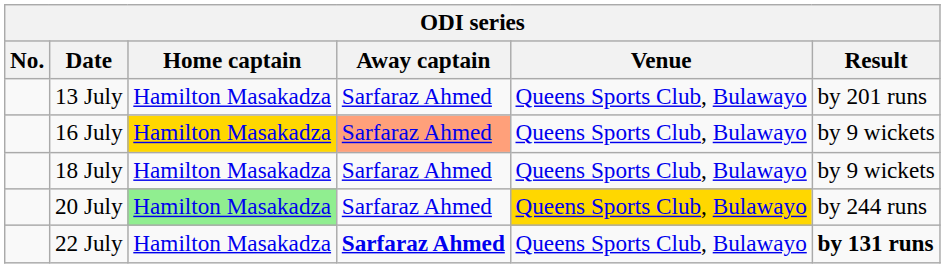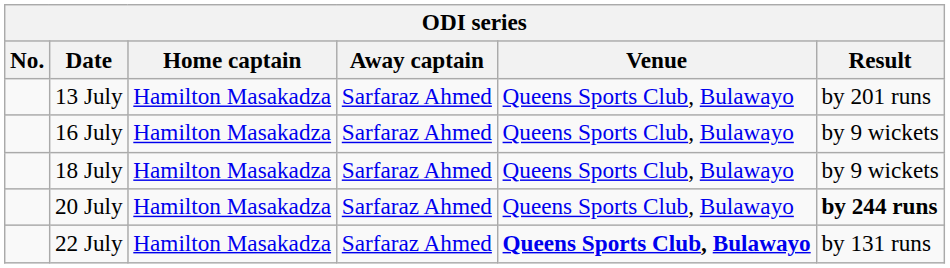 <table class="wikitable">
 <tr>
 <th colspan="9">ODI series</th>
 </tr>
 <tr>
 <th>No.</th>
 <th>Date</th>
 <th>Home captain</th>
 <th>Away captain</th>
 <th>Venue</th>
 <th>Result</th>
 </tr>
 <tr>
 <td></td>
 <td>13 July</td>
 <td><a href='#'>Hamilton Masakadza</a></td>
 <td><a href='#'>Sarfaraz Ahmed</a></td>
 <td><a href='#'>Queens Sports Club</a>, <a href='#'>Bulawayo</a></td>
 <td> by 201 runs</td>
 </tr>
 <tr>
 <td></td>
 <td>16 July</td>
-<td style="background: gold;"><a href='#'>Hamilton Masakadza</a></td>
-<td style="background: lightsalmon;"><a href='#'>Sarfaraz Ahmed</a></td>
+<td><a href='#'>Hamilton Masakadza</a></td>
+<td><a href='#'>Sarfaraz Ahmed</a></td>
 <td><a href='#'>Queens Sports Club</a>, <a href='#'>Bulawayo</a></td>
 <td> by 9 wickets</td>
 </tr>
 <tr>
 <td></td>
 <td>18 July</td>
 <td><a href='#'>Hamilton Masakadza</a></td>
 <td><a href='#'>Sarfaraz Ahmed</a></td>
 <td><a href='#'>Queens Sports Club</a>, <a href='#'>Bulawayo</a></td>
 <td> by 9 wickets</td>
 </tr>
 <tr>
 <td></td>
 <td>20 July</td>
-<td style="background: lightgreen;"><a href='#'>Hamilton Masakadza</a></td>
+<td><a href='#'>Hamilton Masakadza</a></td>
 <td><a href='#'>Sarfaraz Ahmed</a></td>
-<td style="background: gold;"><a href='#'>Queens Sports Club</a>, <a href='#'>Bulawayo</a></td>
-<td> by 244 runs</td>
+<td><a href='#'>Queens Sports Club</a>, <a href='#'>Bulawayo</a></td>
+<td><strong> by 244 runs</strong></td>
 </tr>
 <tr>
 <td></td>
 <td>22 July</td>
 <td><a href='#'>Hamilton Masakadza</a></td>
-<td><strong><a href='#'>Sarfaraz Ahmed</a></strong></td>
-<td><a href='#'>Queens Sports Club</a>, <a href='#'>Bulawayo</a></td>
-<td><strong> by 131 runs</strong></td>
+<td><a href='#'>Sarfaraz Ahmed</a></td>
+<td><strong><a href='#'>Queens Sports Club</a>, <a href='#'>Bulawayo</a></strong></td>
+<td> by 131 runs</td>
 </tr>
 </table>
